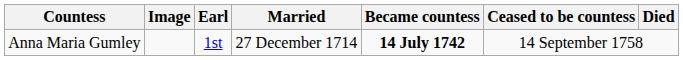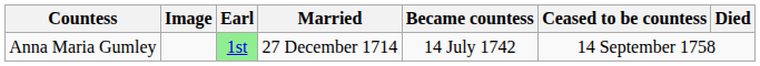 <table class="wikitable" style="text-align:center">
 <tr>
 <th>Countess</th>
 <th>Image</th>
 <th>Earl</th>
 <th>Married</th>
 <th>Became countess</th>
 <th>Ceased to be countess</th>
 <th>Died</th>
 </tr>
 <tr>
 <td>Anna Maria Gumley</td>
 <td></td>
-<td><a href='#'>1st</a></td>
+<td style="background: lightgreen;"><a href='#'>1st</a></td>
 <td>27 December 1714</td>
-<td><strong>14 July 1742</strong></td>
+<td>14 July 1742</td>
 <td colspan=2>14 September 1758</td>
 </tr>
 </table>
